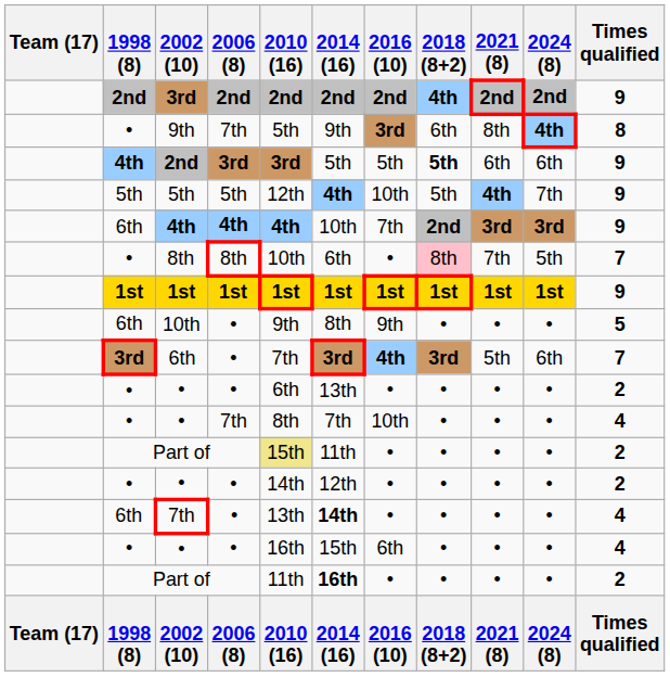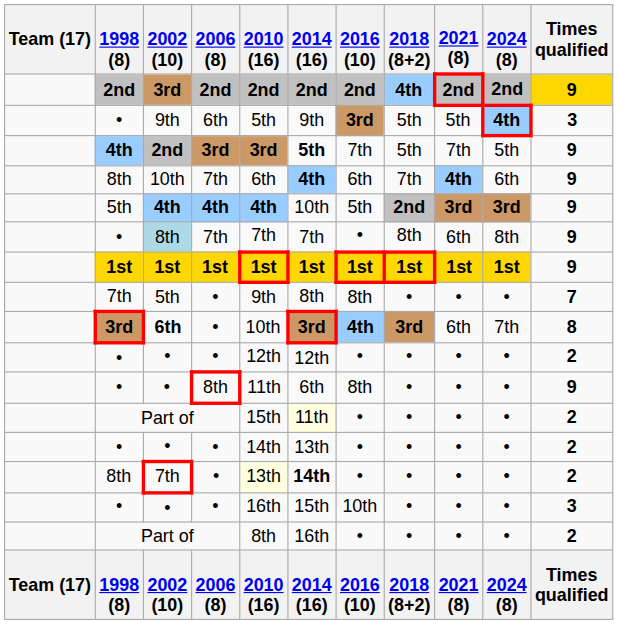 <table class="wikitable sortable" style="text-align: center">
 <tr>
 <th>Team (17)</th>
 <th class="unsortable"><br><a href='#'>1998</a><br>  (8)</th>
 <th class="unsortable"><br><a href='#'>2002</a><br>  (10)</th>
 <th class="unsortable"><br><a href='#'>2006</a><br>  (8)</th>
 <th class="unsortable"><br><a href='#'>2010</a><br>  (16)</th>
 <th class="unsortable"><br><a href='#'>2014</a><br>  (16)</th>
 <th class="unsortable"><br><a href='#'>2016</a><br>  (10)</th>
 <th class="unsortable"><br><a href='#'>2018</a><br>  (8+2)</th>
 <th class="unsortable"><br><a href='#'>2021</a><br>  (8)</th>
 <th class="unsortable"><br><a href='#'>2024</a><br>  (8)</th>
 <th>Times<br>qualified</th>
 </tr>
 <tr>
 <td align=left></td>
 <td style="background:silver"><strong>2nd</strong></td>
 <td style="background:#cc9966"><strong>3rd</strong></td>
 <td style="background:silver"><strong>2nd</strong></td>
 <td style="background:silver"><strong>2nd</strong></td>
 <td style="background:silver"><strong>2nd</strong></td>
 <td style="background:silver"><strong>2nd</strong></td>
 <td style="background:#9acdff"><strong>4th</strong></td>
 <td style="border:3px solid red; background:silver"><strong>2nd</strong></td>
 <td style="background:silver"><strong>2nd</strong></td>
-<td><strong>9</strong></td>
+<td style="background: gold;"><strong>9</strong></td>
 </tr>
 <tr>
 <td align=left></td>
 <td>•</td>
 <td>9th</td>
-<td>7th</td>
+<td>6th</td>
 <td>5th</td>
 <td>9th</td>
 <td style="background:#cc9966"><strong>3rd</strong></td>
-<td>6th</td>
-<td>8th</td>
+<td>5th</td>
+<td>5th</td>
 <td style="border:3px solid red; background:#9acdff"><strong>4th</strong></td>
-<td><strong>8</strong></td>
+<td><strong>3</strong></td>
 </tr>
 <tr>
 <td align=left></td>
 <td style="background:#9acdff"><strong>4th</strong></td>
 <td style="background:silver"><strong>2nd</strong></td>
 <td style="background:#cc9966"><strong>3rd</strong></td>
 <td style="background:#cc9966"><strong>3rd</strong></td>
+<td><strong>5th</strong></td>
+<td>7th</td>
 <td>5th</td>
+<td>7th</td>
 <td>5th</td>
-<td><strong>5th</strong></td>
+<td><strong>9</strong></td>
+</tr>
+<tr>
+<td align=left></td>
+<td>8th</td>
+<td>10th</td>
+<td>7th</td>
 <td>6th</td>
+<td style="background:#9acdff"><strong>4th</strong></td>
+<td>6th</td>
+<td>7th</td>
+<td style="background:#9acdff"><strong>4th</strong></td>
 <td>6th</td>
 <td><strong>9</strong></td>
 </tr>
 <tr>
 <td align=left></td>
 <td>5th</td>
-<td>5th</td>
-<td>5th</td>
-<td>12th</td>
-<td style="background:#9acdff"><strong>4th</strong></td>
-<td>10th</td>
-<td>5th</td>
-<td style="background:#9acdff"><strong>4th</strong></td>
-<td>7th</td>
-<td><strong>9</strong></td>
-</tr>
-<tr>
-<td align=left></td>
-<td>6th</td>
 <td style="background:#9acdff"><strong>4th</strong></td>
 <td style="background:#9acdff"><strong>4th</strong></td>
 <td style="background:#9acdff"><strong>4th</strong></td>
 <td>10th</td>
-<td>7th</td>
+<td>5th</td>
 <td style="background:silver"><strong>2nd</strong></td>
 <td style="background:#cc9966"><strong>3rd</strong></td>
 <td style="background:#cc9966"><strong>3rd</strong></td>
 <td><strong>9</strong></td>
 </tr>
 <tr>
 <td align=left></td>
 <td>•</td>
+<td style="background: lightblue;">8th</td>
+<td>7th</td>
+<td>7th</td>
+<td>7th</td>
+<td>•</td>
 <td>8th</td>
-<td style="border:3px solid red;">8th</td>
-<td>10th</td>
 <td>6th</td>
-<td>•</td>
-<td style="background: pink;">8th</td>
-<td>7th</td>
-<td>5th</td>
-<td><strong>7</strong></td>
+<td>8th</td>
+<td><strong>9</strong></td>
 </tr>
 <tr>
 <td align=left></td>
 <td style="background:gold"><strong>1st</strong></td>
 <td style="background:gold"><strong>1st</strong></td>
 <td style="background:gold"><strong>1st</strong></td>
 <td style="border:3px solid red; background:gold"><strong>1st</strong></td>
 <td style="background:gold"><strong>1st</strong></td>
 <td style="border:3px solid red; background:gold"><strong>1st</strong></td>
 <td style="border:3px solid red; background:gold"><strong>1st</strong></td>
 <td style="background:gold"><strong>1st</strong></td>
 <td style="background:gold"><strong>1st</strong></td>
 <td><strong>9</strong></td>
 </tr>
 <tr>
 <td align=left></td>
-<td>6th</td>
-<td>10th</td>
+<td>7th</td>
+<td>5th</td>
 <td>•</td>
 <td>9th</td>
 <td>8th</td>
-<td>9th</td>
+<td>8th</td>
 <td>•</td>
 <td>•</td>
 <td>•</td>
-<td><strong>5</strong></td>
+<td><strong>7</strong></td>
 </tr>
 <tr>
 <td align=left></td>
 <td style="border:3px solid red; background:#cc9966"><strong>3rd</strong></td>
-<td>6th</td>
+<td><strong>6th</strong></td>
 <td>•</td>
-<td>7th</td>
+<td>10th</td>
 <td style="border:3px solid red; background:#cc9966"><strong>3rd</strong></td>
 <td style="background:#9acdff"><strong>4th</strong></td>
 <td style="background:#cc9966"><strong>3rd</strong></td>
-<td>5th</td>
 <td>6th</td>
-<td><strong>7</strong></td>
+<td>7th</td>
+<td><strong>8</strong></td>
 </tr>
 <tr>
 <td align=left></td>
 <td>•</td>
 <td>•</td>
 <td>•</td>
-<td>6th</td>
-<td>13th</td>
+<td>12th</td>
+<td>12th</td>
 <td>•</td>
 <td>•</td>
 <td>•</td>
 <td>•</td>
 <td><strong>2</strong></td>
 </tr>
 <tr>
 <td align=left></td>
 <td>•</td>
 <td>•</td>
-<td>7th</td>
+<td style="border:3px solid red;">8th</td>
+<td>11th</td>
+<td>6th</td>
 <td>8th</td>
-<td>7th</td>
-<td>10th</td>
 <td>•</td>
 <td>•</td>
 <td>•</td>
-<td><strong>4</strong></td>
+<td><strong>9</strong></td>
 </tr>
 <tr>
 <td align=left></td>
 <td colspan=3>Part of </td>
-<td style="background: khaki;">15th</td>
-<td>11th</td>
+<td>15th</td>
+<td style="background: lightyellow;">11th</td>
 <td>•</td>
 <td>•</td>
 <td>•</td>
 <td>•</td>
 <td><strong>2</strong></td>
 </tr>
 <tr>
 <td align=left></td>
 <td>•</td>
 <td>•</td>
 <td>•</td>
 <td>14th</td>
-<td>12th</td>
+<td>13th</td>
 <td>•</td>
 <td>•</td>
 <td>•</td>
 <td>•</td>
 <td><strong>2</strong></td>
 </tr>
 <tr>
 <td align=left></td>
-<td>6th</td>
+<td>8th</td>
 <td style="border:3px solid red;">7th</td>
 <td>•</td>
-<td>13th</td>
+<td style="background: lightyellow;">13th</td>
 <td><strong>14th</strong></td>
 <td>•</td>
 <td>•</td>
 <td>•</td>
 <td>•</td>
-<td><strong>4</strong></td>
+<td><strong>2</strong></td>
 </tr>
 <tr>
 <td align=left></td>
 <td>•</td>
 <td>•</td>
 <td>•</td>
 <td>16th</td>
 <td>15th</td>
-<td>6th</td>
+<td>10th</td>
 <td>•</td>
 <td>•</td>
 <td>•</td>
-<td><strong>4</strong></td>
+<td><strong>3</strong></td>
 </tr>
 <tr>
 <td align=left></td>
 <td colspan=3>Part of </td>
-<td>11th</td>
-<td><strong>16th</strong></td>
+<td>8th</td>
+<td>16th</td>
 <td>•</td>
 <td>•</td>
 <td>•</td>
 <td>•</td>
 <td><strong>2</strong></td>
 </tr>
 <tr>
 <th>Team (17)</th>
 <th class="unsortable"><br><a href='#'>1998</a><br>  (8)</th>
 <th class="unsortable"><br><a href='#'>2002</a><br>  (10)</th>
 <th class="unsortable"><br><a href='#'>2006</a><br>  (8)</th>
 <th class="unsortable"><br><a href='#'>2010</a><br>  (16)</th>
 <th class="unsortable"><br><a href='#'>2014</a><br>  (16)</th>
 <th class="unsortable"><br><a href='#'>2016</a><br>  (10)</th>
 <th class="unsortable"><br><a href='#'>2018</a><br>  (8+2)</th>
 <th class="unsortable"><br><a href='#'>2021</a><br>  (8)</th>
 <th class="unsortable"><br><a href='#'>2024</a><br>  (8)</th>
 <th>Times<br>qualified</th>
 </tr>
 </table>
